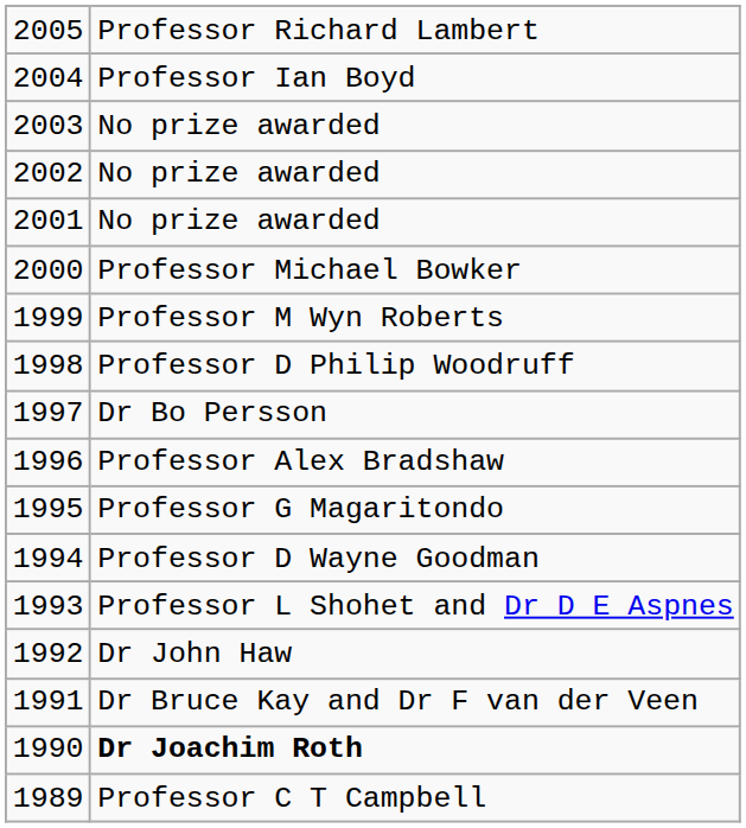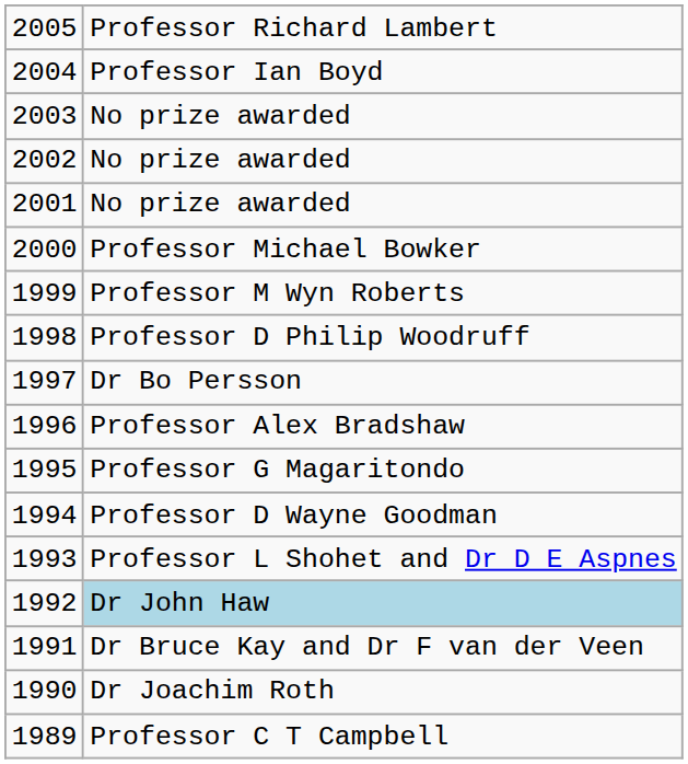 <table class="wikitable">
 <tr>
 <td>2005</td>
 <td>Professor Richard Lambert</td>
 </tr>
 <tr>
 <td>2004</td>
 <td>Professor Ian Boyd</td>
 </tr>
 <tr>
 <td>2003</td>
 <td>No prize awarded</td>
 </tr>
 <tr>
 <td>2002</td>
 <td>No prize awarded</td>
 </tr>
 <tr>
 <td>2001</td>
 <td>No prize awarded</td>
 </tr>
 <tr>
 <td>2000</td>
 <td>Professor Michael Bowker</td>
 </tr>
 <tr>
 <td>1999</td>
 <td>Professor M Wyn Roberts</td>
 </tr>
 <tr>
 <td>1998</td>
 <td>Professor D Philip Woodruff</td>
 </tr>
 <tr>
 <td>1997</td>
 <td>Dr Bo Persson</td>
 </tr>
 <tr>
 <td>1996</td>
 <td>Professor Alex Bradshaw</td>
 </tr>
 <tr>
 <td>1995</td>
 <td>Professor G Magaritondo</td>
 </tr>
 <tr>
 <td>1994</td>
 <td>Professor D Wayne Goodman</td>
 </tr>
 <tr>
 <td>1993</td>
 <td>Professor L Shohet and <a href='#'>Dr D E Aspnes</a></td>
 </tr>
 <tr>
 <td>1992</td>
-<td>Dr John Haw</td>
+<td style="background: lightblue;">Dr John Haw</td>
 </tr>
 <tr>
 <td>1991</td>
 <td>Dr Bruce Kay and Dr F van der Veen</td>
 </tr>
 <tr>
 <td>1990</td>
-<td><strong>Dr Joachim Roth</strong></td>
+<td>Dr Joachim Roth</td>
 </tr>
 <tr>
 <td>1989</td>
 <td>Professor C T Campbell</td>
 </tr>
 </table>
